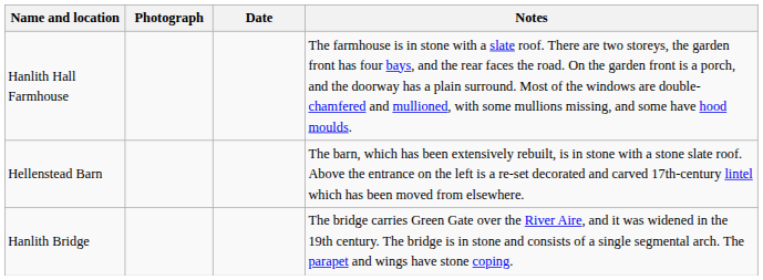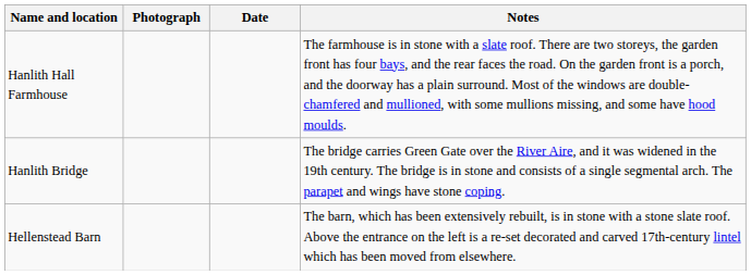 <table class="wikitable sortable plainrowheaders" style="width:100%;border:0px;text-align:left;line-height:150%;">
 <tr>
 <th scope="col"  style="width:150px">Name and location</th>
 <th scope="col"  style="width:100px" class="unsortable">Photograph</th>
 <th scope="col"  style="width:120px">Date</th>
 <th scope="col"  style="width:650px" class="unsortable">Notes</th>
 </tr>
 <tr>
 <td>Hanlith Hall Farmhouse<br><small></small></td>
 <td></td>
 <td align="center"></td>
 <td>The farmhouse is in stone with a <a href='#'>slate</a> roof.  There are two storeys, the garden front has four <a href='#'>bays</a>, and the rear faces the road.  On the garden front is a porch, and the doorway has a plain surround.  Most of the windows are double-<a href='#'>chamfered</a> and <a href='#'>mullioned</a>, with some mullions missing, and some have <a href='#'>hood moulds</a>.</td>
 </tr>
 <tr>
+<td>Hanlith Bridge<br><small></small></td>
+<td></td>
+<td align="center"></td>
+<td>The bridge carries Green Gate over the <a href='#'>River Aire</a>, and it was widened in the 19th century.  The bridge is in stone and consists of a single segmental arch.  The <a href='#'>parapet</a> and wings have stone <a href='#'>coping</a>.</td>
+</tr>
+<tr>
 <td>Hellenstead Barn<br><small></small></td>
 <td></td>
 <td align="center"></td>
 <td>The barn, which has been extensively rebuilt, is in stone with a stone slate roof.  Above the entrance on the left is a re-set decorated and carved 17th-century <a href='#'>lintel</a> which has been moved from elsewhere.</td>
 </tr>
 <tr>
-<td>Hanlith Bridge<br><small></small></td>
-<td></td>
-<td align="center"></td>
-<td>The bridge carries Green Gate over the <a href='#'>River Aire</a>, and it was widened in the 19th century.  The bridge is in stone and consists of a single segmental arch.  The <a href='#'>parapet</a> and wings have stone <a href='#'>coping</a>.</td>
-</tr>
-<tr>
 </tr>
 </table>
